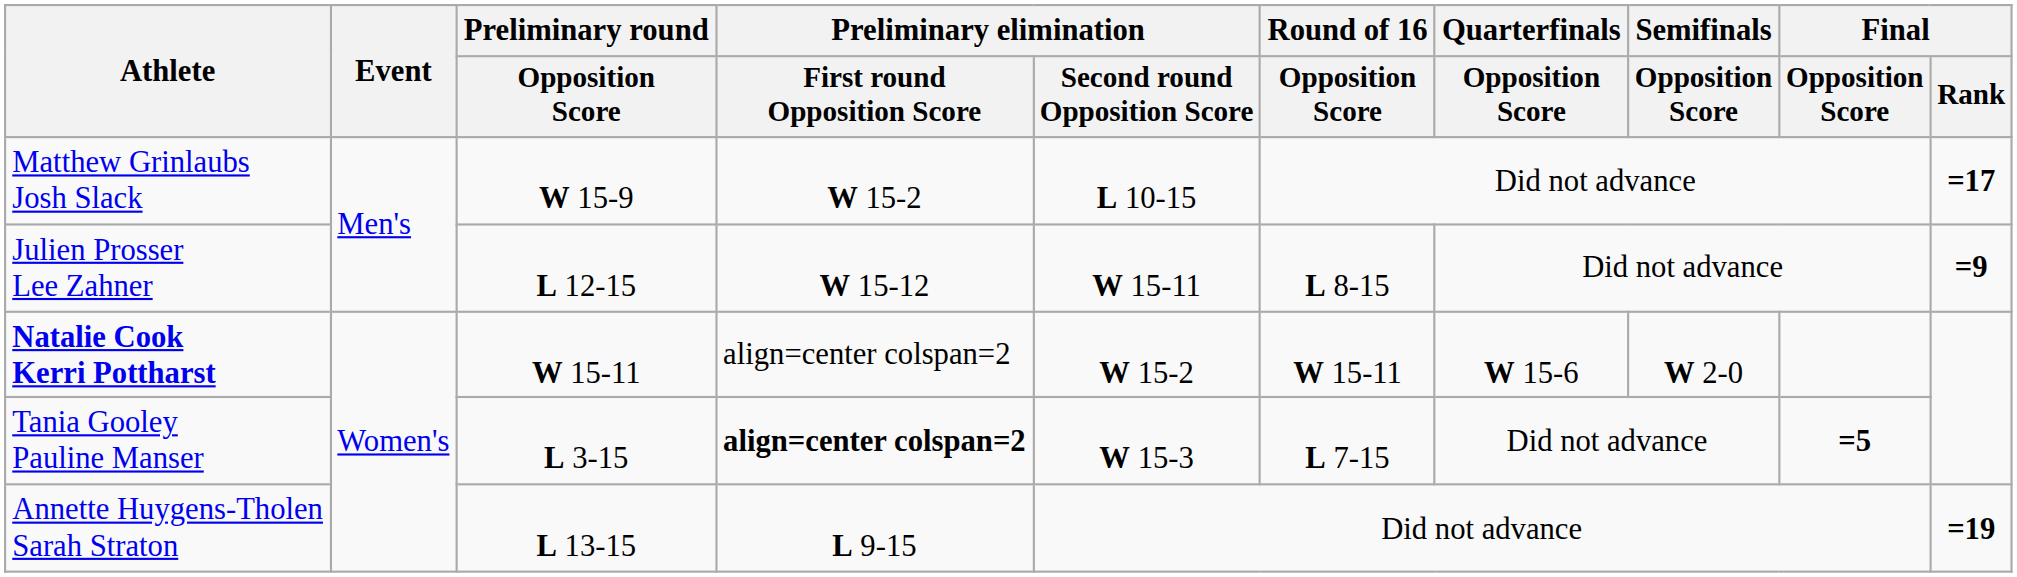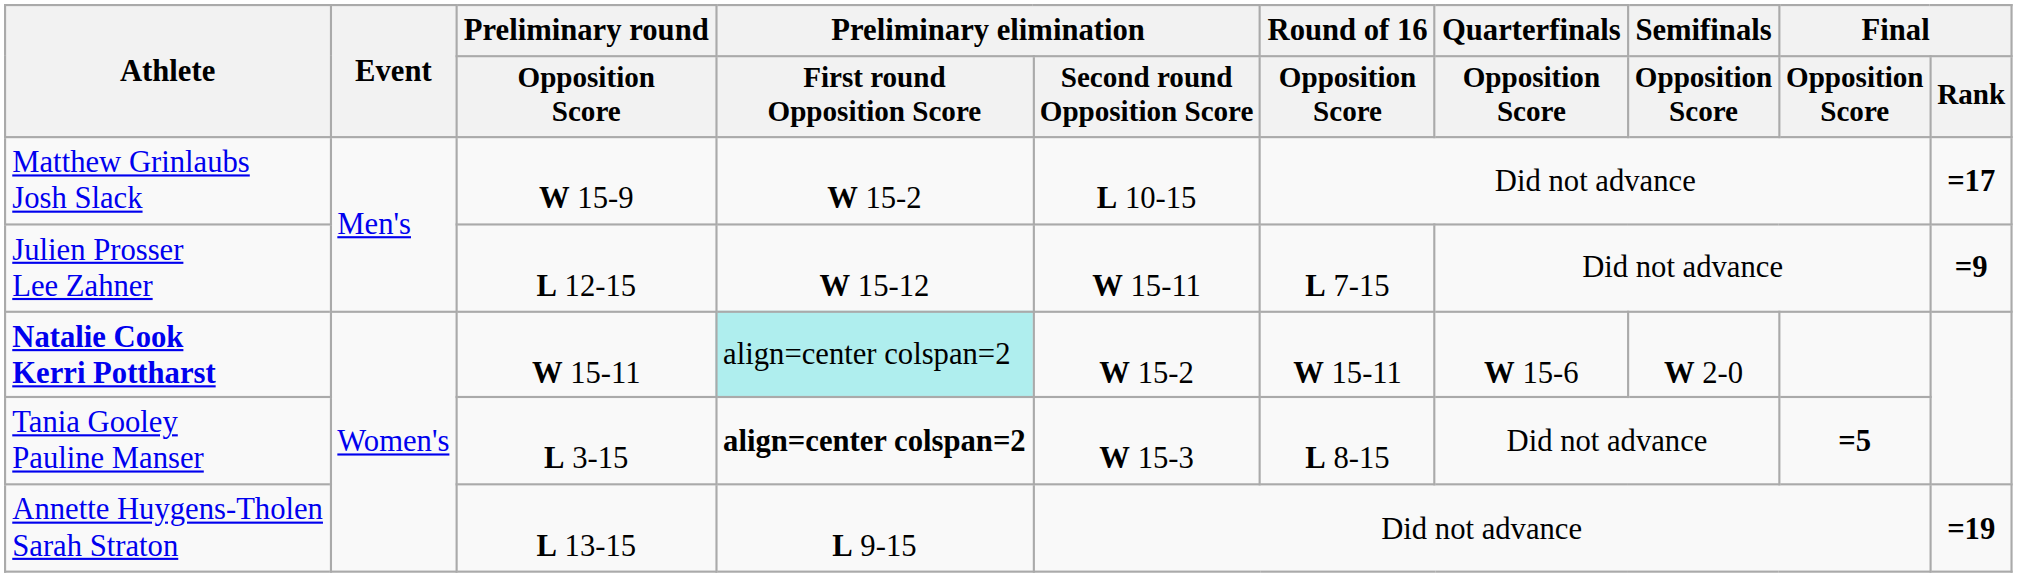 <table class=wikitable style="font-size:90%">
 <tr>
 <th rowspan="2">Athlete</th>
 <th rowspan="2">Event</th>
 <th>Preliminary round</th>
 <th colspan="2">Preliminary elimination</th>
 <th>Round of 16</th>
 <th>Quarterfinals</th>
 <th>Semifinals</th>
 <th colspan=2>Final</th>
 </tr>
 <tr style="font-size:95%">
 <th>Opposition<br>Score</th>
 <th>First round<br>Opposition Score</th>
 <th>Second round<br>Opposition Score</th>
 <th>Opposition<br>Score</th>
 <th>Opposition<br>Score</th>
 <th>Opposition<br>Score</th>
 <th>Opposition<br>Score</th>
 <th>Rank</th>
 </tr>
 <tr align=center>
 <td align=left><a href='#'>Matthew Grinlaubs</a><br><a href='#'>Josh Slack</a></td>
 <td align=left rowspan=2><a href='#'>Men's</a></td>
 <td align=center><br><strong>W</strong> 15-9</td>
 <td align=center><br><strong>W</strong> 15-2</td>
 <td align=center><br><strong>L</strong> 10-15</td>
 <td align=center colspan=4>Did not advance</td>
 <td align=center><strong>=17</strong></td>
 </tr>
 <tr>
 <td align=left><a href='#'>Julien Prosser</a><br><a href='#'>Lee Zahner</a></td>
 <td align=center><br><strong>L</strong> 12-15</td>
 <td align=center><br><strong>W</strong> 15-12</td>
 <td align=center><br><strong>W</strong> 15-11</td>
-<td align=center><br><strong>L</strong> 8-15</td>
+<td align=center><br><strong>L</strong> 7-15</td>
 <td align=center colspan=3>Did not advance</td>
 <td align=center><strong>=9</strong></td>
 </tr>
 <tr>
 <td align=left><strong><a href='#'>Natalie Cook</a></strong><br> <strong><a href='#'>Kerri Pottharst</a></strong></td>
 <td align=left rowspan=3><a href='#'>Women's</a></td>
 <td align=center><br><strong>W</strong> 15-11</td>
-<td>align=center colspan=2 </td>
+<td style="background: paleturquoise;">align=center colspan=2 </td>
 <td align=center><br><strong>W</strong> 15-2</td>
 <td align=center><br><strong>W</strong> 15-11</td>
 <td align=center><br><strong>W</strong> 15-6</td>
 <td align=center><br><strong>W</strong> 2-0</td>
 <td align=center></td>
 </tr>
 <tr>
 <td align=left><a href='#'>Tania Gooley</a><br> <a href='#'>Pauline Manser</a></td>
 <td align=center><br><strong>L</strong> 3-15</td>
 <td><strong>align=center colspan=2 </strong></td>
 <td align=center><br><strong>W</strong> 15-3</td>
-<td align=center><br><strong>L</strong> 7-15</td>
+<td align=center><br><strong>L</strong> 8-15</td>
 <td align=center colspan=2>Did not advance</td>
 <td align=center><strong>=5</strong></td>
 </tr>
 <tr>
 <td align=left><a href='#'>Annette Huygens-Tholen</a><br> <a href='#'>Sarah Straton</a></td>
 <td align=center><br><strong>L</strong> 13-15</td>
 <td align=center><br><strong>L</strong> 9-15</td>
 <td align=center colspan=5>Did not advance</td>
 <td align=center><strong>=19</strong></td>
 </tr>
 </table>
